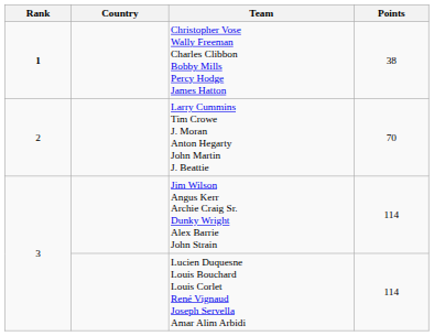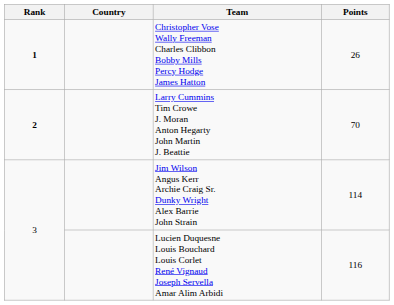 <table class="wikitable sortable" style=" text-align:center; font-size:95%;" width="50%">
 <tr>
 <th>Rank</th>
 <th>Country</th>
 <th>Team</th>
 <th>Points</th>
 </tr>
 <tr>
 <td align=center><strong>1</strong></td>
 <td align=left></td>
 <td align=left><a href='#'>Christopher Vose</a><br><a href='#'>Wally Freeman</a><br>Charles Clibbon<br><a href='#'>Bobby Mills</a><br><a href='#'>Percy Hodge</a><br><a href='#'>James Hatton</a></td>
-<td>38</td>
+<td>26</td>
 </tr>
 <tr>
-<td align=center>2</td>
+<td align=center><strong>2</strong></td>
 <td align=left></td>
 <td align=left><a href='#'>Larry Cummins</a><br>Tim Crowe<br>J. Moran<br>Anton Hegarty<br>John Martin<br>J. Beattie</td>
 <td>70</td>
 </tr>
 <tr>
 <td rowspan=2 align=center>3</td>
 <td align=left></td>
 <td align=left><a href='#'>Jim Wilson</a><br>Angus Kerr<br>Archie Craig Sr.<br><a href='#'>Dunky Wright</a><br>Alex Barrie<br>John Strain</td>
 <td>114</td>
 </tr>
 <tr>
 <td align=left></td>
 <td align=left>Lucien Duquesne<br>Louis Bouchard<br>Louis Corlet<br><a href='#'>René Vignaud</a><br><a href='#'>Joseph Servella</a><br>Amar Alim Arbidi</td>
-<td>114</td>
+<td>116</td>
 </tr>
 </table>
